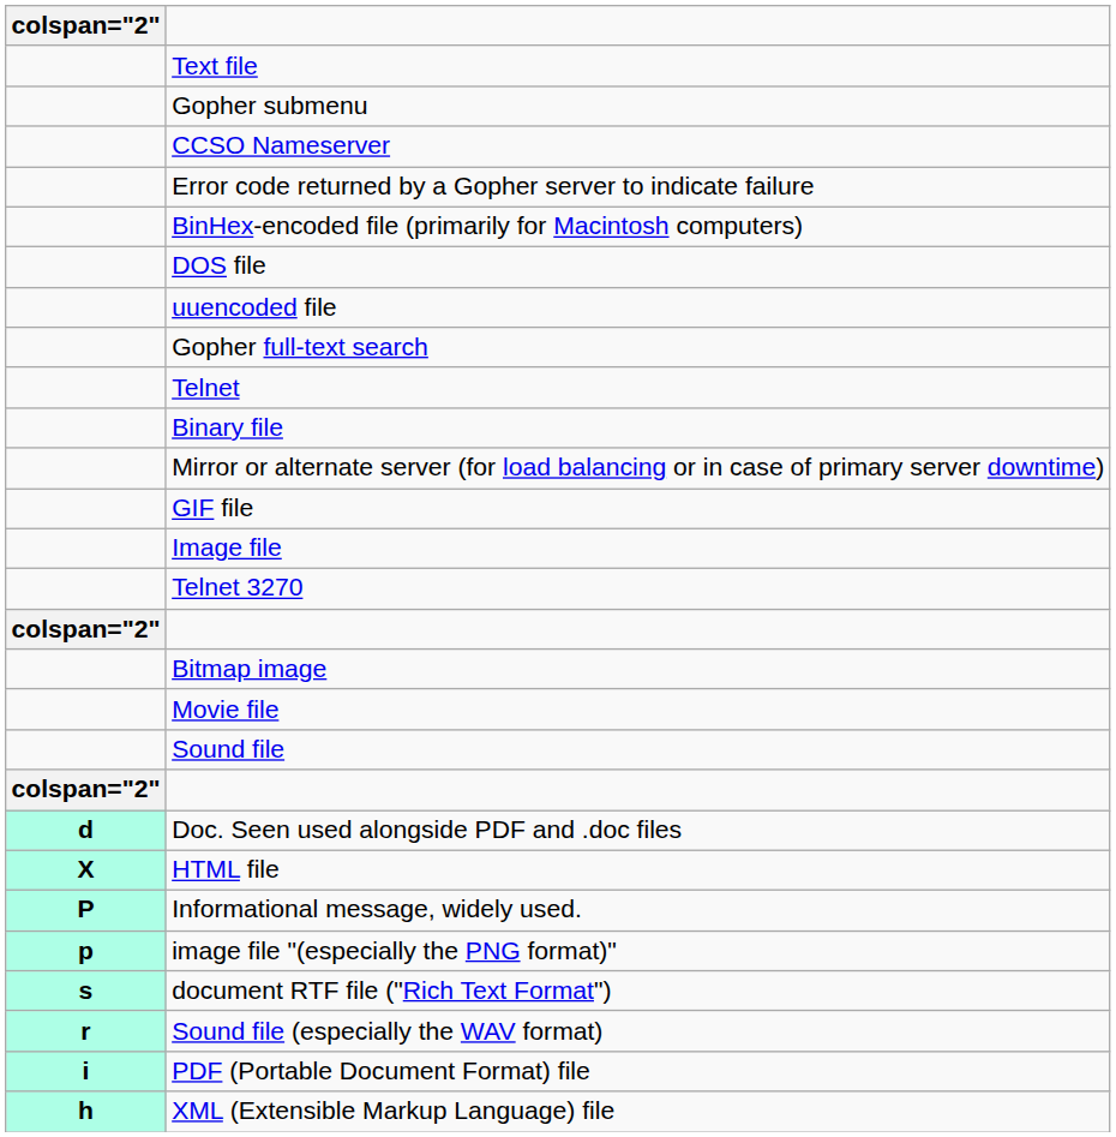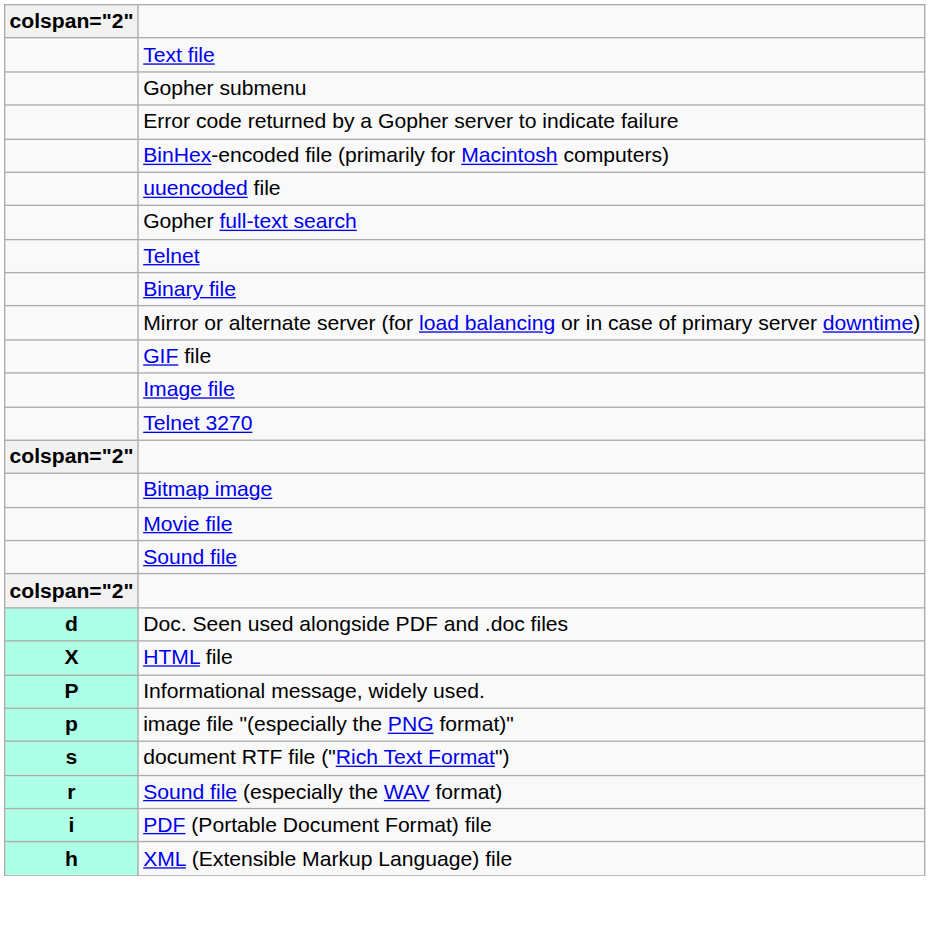 <table class="wikitable">
 <tr>
 <th>colspan="2" </th>
 </tr>
 <tr>
 <td></td>
 <td><a href='#'>Text file</a></td>
 </tr>
 <tr>
 <td></td>
 <td>Gopher submenu</td>
 </tr>
 <tr>
 <td></td>
-<td><a href='#'>CCSO Nameserver</a></td>
-</tr>
-<tr>
-<td></td>
 <td>Error code returned by a Gopher server to indicate failure</td>
 </tr>
 <tr>
 <td></td>
 <td><a href='#'>BinHex</a>-encoded file (primarily for <a href='#'>Macintosh</a> computers)</td>
-</tr>
-<tr>
-<td></td>
-<td><a href='#'>DOS</a> file</td>
 </tr>
 <tr>
 <td></td>
 <td><a href='#'>uuencoded</a> file</td>
 </tr>
 <tr>
 <td></td>
 <td>Gopher <a href='#'>full-text search</a></td>
 </tr>
 <tr>
 <td></td>
 <td><a href='#'>Telnet</a></td>
 </tr>
 <tr>
 <td></td>
 <td><a href='#'>Binary file</a></td>
 </tr>
 <tr>
 <td></td>
 <td>Mirror or alternate server (for <a href='#'>load balancing</a> or in case of primary server <a href='#'>downtime</a>)</td>
 </tr>
 <tr>
 <td></td>
 <td><a href='#'>GIF</a> file</td>
 </tr>
 <tr>
 <td></td>
 <td><a href='#'>Image file</a></td>
 </tr>
 <tr>
 <td></td>
 <td><a href='#'>Telnet 3270</a></td>
 </tr>
 <tr>
 <th>colspan="2" </th>
 </tr>
 <tr>
 <td></td>
 <td><a href='#'>Bitmap image</a></td>
 </tr>
 <tr>
 <td></td>
 <td><a href='#'>Movie file</a></td>
 </tr>
 <tr>
 <td></td>
 <td><a href='#'>Sound file</a></td>
 </tr>
 <tr>
 <th>colspan="2" </th>
 </tr>
 <tr>
 <td style="background:#adffe6; text-align:center"><strong>d</strong></td>
 <td>Doc. Seen used alongside PDF and .doc files</td>
 </tr>
 <tr>
 <td style="background:#adffe6; text-align:center"><strong>X</strong></td>
 <td><a href='#'>HTML</a> file</td>
 </tr>
 <tr>
 <td style="background:#adffe6; text-align:center"><strong>P</strong></td>
 <td>Informational message, widely used.</td>
 </tr>
 <tr>
 <td style="background:#adffe6; text-align:center"><strong>p</strong></td>
 <td>image file "(especially the <a href='#'>PNG</a> format)"</td>
 </tr>
 <tr>
 <td style="background:#adffe6; text-align:center"><strong>s</strong></td>
 <td>document RTF file ("<a href='#'>Rich Text Format</a>")</td>
 </tr>
 <tr>
 <td style="background:#adffe6; text-align:center"><strong>r</strong></td>
 <td><a href='#'>Sound file</a> (especially the <a href='#'>WAV</a> format)</td>
 </tr>
 <tr>
 <td style="background:#adffe6; text-align:center"><strong>i</strong></td>
 <td><a href='#'>PDF</a> (Portable Document Format) file</td>
 </tr>
 <tr>
 <td style="background:#adffe6; text-align:center"><strong>h</strong></td>
 <td><a href='#'>XML</a> (Extensible Markup Language) file</td>
 </tr>
 </table>
